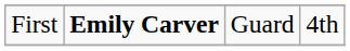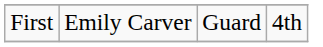 <table class="wikitable" border="1">
 <tr align=center>
 </tr>
 <tr>
 <td rowspan=1>First</td>
-<td><strong>Emily Carver</strong></td>
+<td>Emily Carver</td>
 <td>Guard</td>
 <td>4th</td>
 </tr>
 <tr>
 </tr>
 </table>
